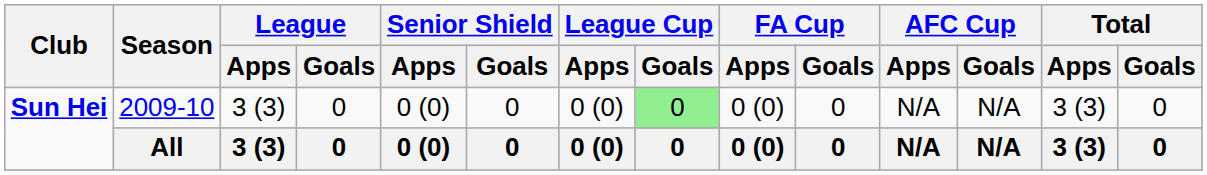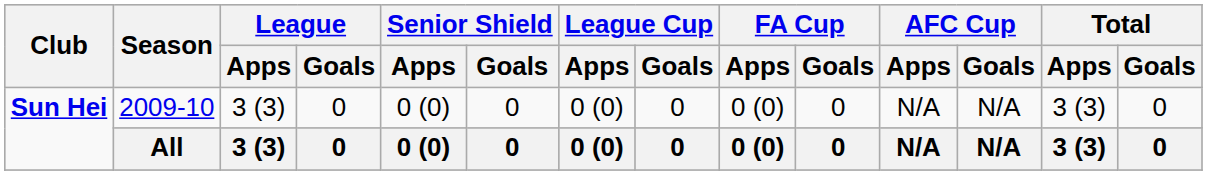 <table class="wikitable" style="text-align: center;">
 <tr>
 <th rowspan="2">Club</th>
 <th rowspan="2">Season</th>
 <th colspan="2"><a href='#'>League</a></th>
 <th colspan="2"><a href='#'>Senior Shield</a></th>
 <th colspan="2"><a href='#'>League Cup</a></th>
 <th colspan="2"><a href='#'>FA Cup</a></th>
 <th colspan="2"><a href='#'>AFC Cup</a></th>
 <th colspan="2">Total</th>
 </tr>
 <tr>
 <th>Apps</th>
 <th>Goals</th>
 <th>Apps</th>
 <th>Goals</th>
 <th>Apps</th>
 <th>Goals</th>
 <th>Apps</th>
 <th>Goals</th>
 <th>Apps</th>
 <th>Goals</th>
 <th>Apps</th>
 <th>Goals</th>
 </tr>
 <tr>
 <td rowspan="6" valign="top"><strong><a href='#'>Sun Hei</a></strong></td>
 <td><a href='#'>2009-10</a></td>
 <td>3 (3)</td>
 <td>0</td>
 <td>0 (0)</td>
 <td>0</td>
 <td>0 (0)</td>
-<td style="background: lightgreen;">0</td>
+<td>0</td>
 <td>0 (0)</td>
 <td>0</td>
 <td>N/A</td>
 <td>N/A</td>
 <td>3 (3)</td>
 <td>0</td>
 </tr>
 <tr>
 <th>All</th>
 <th>3 (3)</th>
 <th>0</th>
 <th>0 (0)</th>
 <th>0</th>
 <th>0 (0)</th>
 <th>0</th>
 <th>0 (0)</th>
 <th>0</th>
 <th>N/A</th>
 <th>N/A</th>
 <th>3 (3)</th>
 <th>0</th>
 </tr>
 </table>
